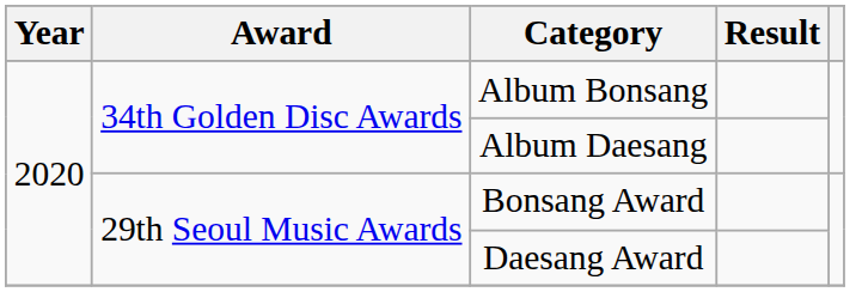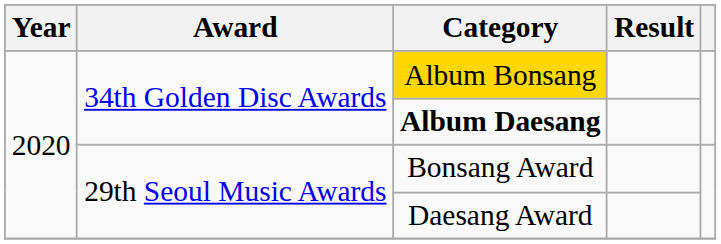 <table class="wikitable" style="text-align:center;">
 <tr>
 <th>Year</th>
 <th>Award</th>
 <th>Category</th>
 <th>Result</th>
 <th></th>
 </tr>
 <tr>
 <td rowspan="4">2020</td>
 <td rowspan="2"><a href='#'>34th Golden Disc Awards</a></td>
-<td>Album Bonsang</td>
+<td style="background: gold;">Album Bonsang</td>
 <td></td>
 <td rowspan="2"></td>
 </tr>
 <tr>
-<td>Album Daesang</td>
+<td><strong>Album Daesang</strong></td>
 <td></td>
 </tr>
 <tr>
 <td rowspan="2">29th <a href='#'>Seoul Music Awards</a></td>
 <td>Bonsang Award</td>
 <td></td>
 <td rowspan="2"></td>
 </tr>
 <tr>
 <td>Daesang Award</td>
 <td></td>
 </tr>
 <tr>
 </tr>
 </table>
